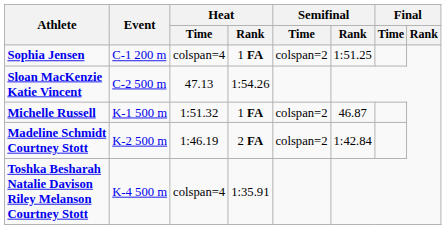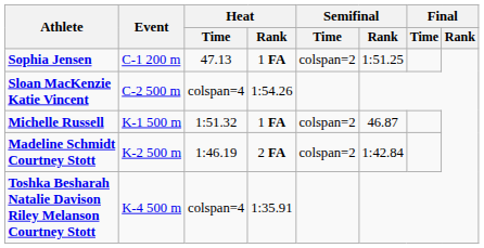 <table class=wikitable style=font-size:90%;text-align:center>
 <tr>
 <th rowspan=2>Athlete</th>
 <th rowspan=2>Event</th>
 <th colspan=2>Heat</th>
 <th colspan=2>Semifinal</th>
 <th colspan=2>Final</th>
 </tr>
 <tr style=font-size:95%>
 <th>Time</th>
 <th>Rank</th>
 <th>Time</th>
 <th>Rank</th>
 <th>Time</th>
 <th>Rank</th>
 </tr>
 <tr>
 <td align=left><strong><a href='#'>Sophia Jensen</a></strong></td>
 <td align=left><a href='#'>C-1 200 m</a></td>
-<td>colspan=4 </td>
+<td>47.13</td>
 <td>1 <strong>FA</strong></td>
 <td>colspan=2 </td>
 <td>1:51.25</td>
 <td></td>
 </tr>
 <tr>
 <td align=left><strong><a href='#'>Sloan MacKenzie</a><br><a href='#'>Katie Vincent</a></strong></td>
 <td align=left><a href='#'>C-2 500 m</a></td>
-<td>47.13</td>
+<td>colspan=4 </td>
 <td>1:54.26</td>
 <td></td>
 </tr>
 <tr>
 <td align=left><strong><a href='#'>Michelle Russell</a></strong></td>
 <td align=left><a href='#'>K-1 500 m</a></td>
 <td>1:51.32</td>
 <td>1 <strong>FA</strong></td>
 <td>colspan=2 </td>
 <td>46.87</td>
 <td></td>
 </tr>
 <tr>
 <td align=left><strong><a href='#'>Madeline Schmidt</a><br><a href='#'>Courtney Stott</a></strong></td>
 <td align=left><a href='#'>K-2 500 m</a></td>
 <td>1:46.19</td>
 <td>2 <strong>FA</strong></td>
 <td>colspan=2 </td>
 <td>1:42.84</td>
 <td></td>
 </tr>
 <tr>
 <td align=left><strong><a href='#'>Toshka Besharah</a><br><a href='#'>Natalie Davison</a><br><a href='#'>Riley Melanson</a><br><a href='#'>Courtney Stott</a></strong></td>
 <td align=left><a href='#'>K-4 500 m</a></td>
 <td>colspan=4 </td>
 <td>1:35.91</td>
 <td></td>
 </tr>
 </table>
